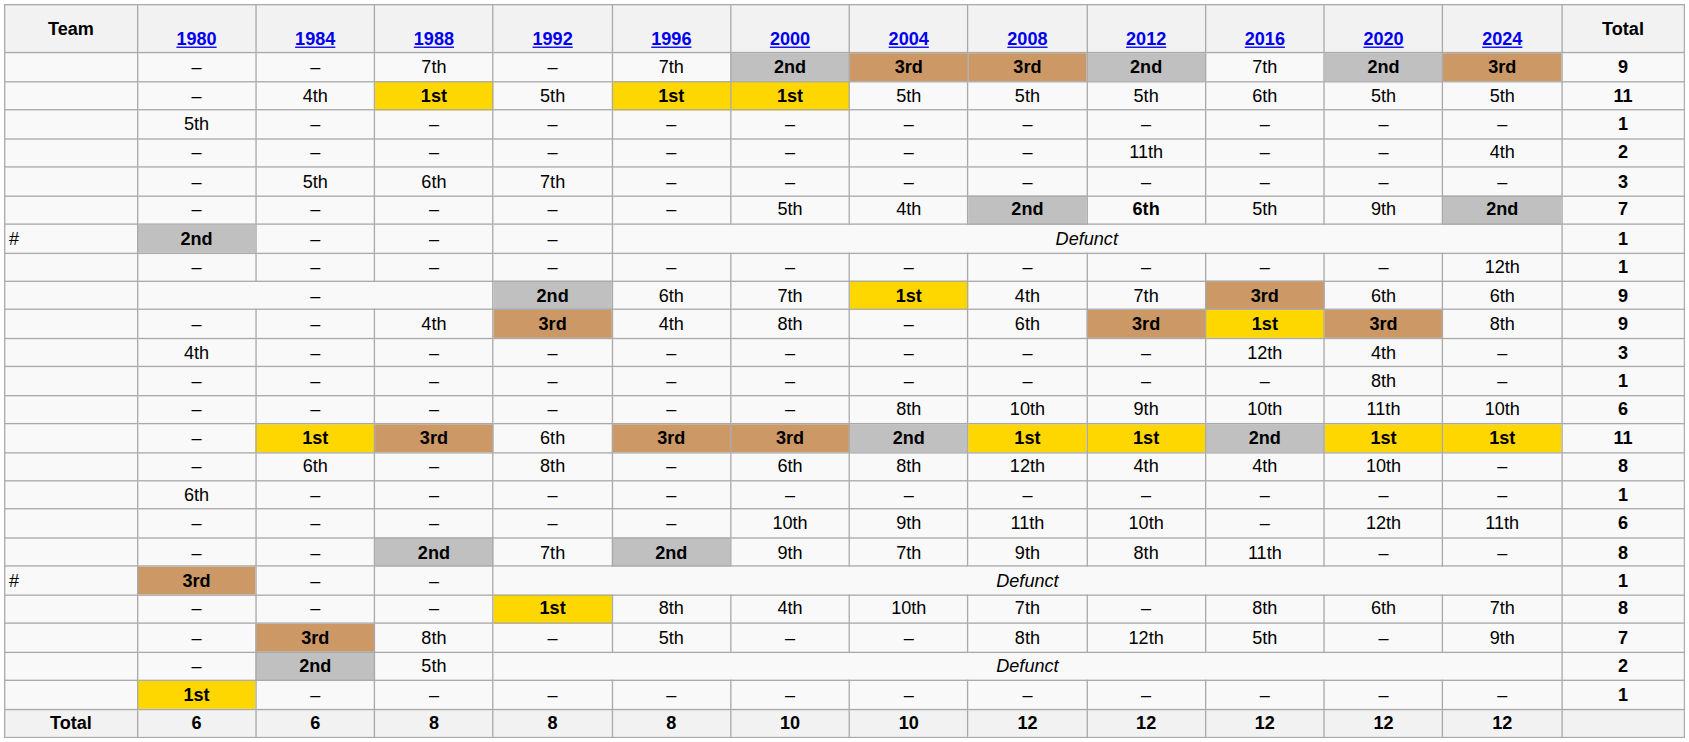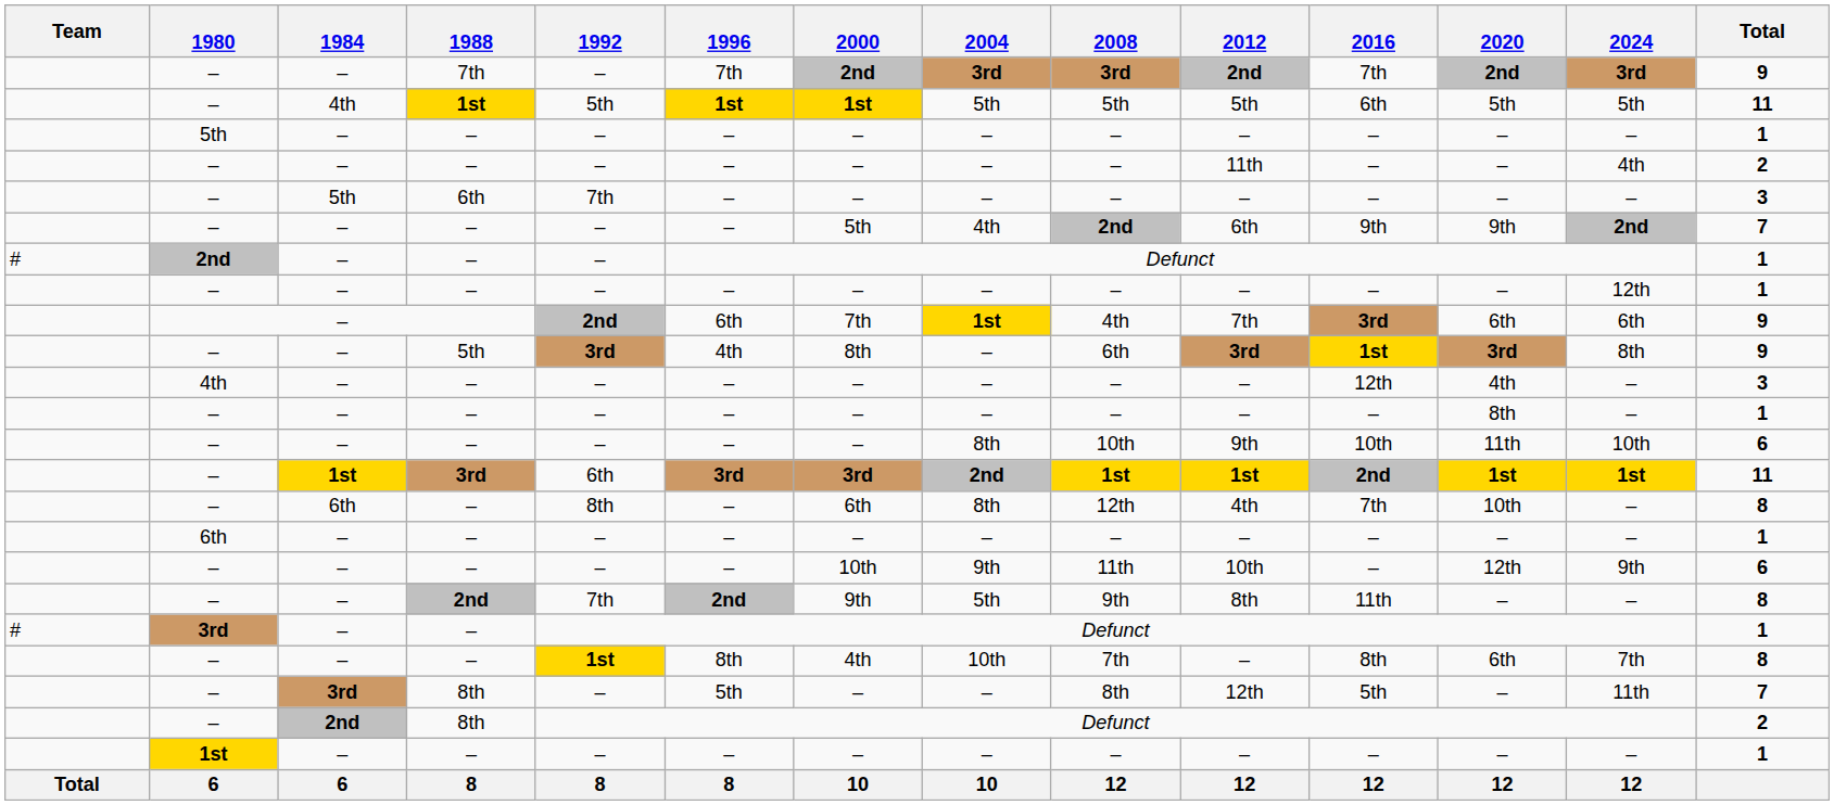 <table class="wikitable" style="text-align:center;width:100%; font-size:85%;">
 <tr>
 <th>Team</th>
 <th><br><a href='#'>1980</a></th>
 <th><br><a href='#'>1984</a></th>
 <th><br><a href='#'>1988</a></th>
 <th><br><a href='#'>1992</a></th>
 <th><br><a href='#'>1996</a></th>
 <th><br><a href='#'>2000</a></th>
 <th><br><a href='#'>2004</a></th>
 <th><br><a href='#'>2008</a></th>
 <th><br><a href='#'>2012</a></th>
 <th><br><a href='#'>2016</a></th>
 <th><br><a href='#'>2020</a></th>
 <th><br><a href='#'>2024</a></th>
 <th>Total</th>
 </tr>
 <tr>
 <td align=left></td>
 <td>–</td>
 <td>–</td>
 <td>7th</td>
 <td>–</td>
 <td>7th</td>
 <td bgcolor=silver><strong>2nd</strong></td>
 <td bgcolor=#cc9966><strong>3rd</strong></td>
 <td bgcolor=#cc9966><strong>3rd</strong></td>
 <td bgcolor=silver><strong>2nd</strong></td>
 <td>7th</td>
 <td bgcolor=silver><strong>2nd</strong></td>
 <td bgcolor=#cc9966><strong>3rd</strong></td>
 <td><strong>9</strong></td>
 </tr>
 <tr>
 <td align=left></td>
 <td>–</td>
 <td>4th</td>
 <td bgcolor=gold><strong>1st</strong></td>
 <td>5th</td>
 <td bgcolor=gold><strong>1st</strong></td>
 <td bgcolor=gold><strong>1st</strong></td>
 <td>5th</td>
 <td>5th</td>
 <td>5th</td>
 <td>6th</td>
 <td>5th</td>
 <td>5th</td>
 <td><strong>11</strong></td>
 </tr>
 <tr>
 <td align=left></td>
 <td>5th</td>
 <td>–</td>
 <td>–</td>
 <td>–</td>
 <td>–</td>
 <td>–</td>
 <td>–</td>
 <td>–</td>
 <td>–</td>
 <td>–</td>
 <td>–</td>
 <td>–</td>
 <td><strong>1</strong></td>
 </tr>
 <tr>
 <td align=left></td>
 <td>–</td>
 <td>–</td>
 <td>–</td>
 <td>–</td>
 <td>–</td>
 <td>–</td>
 <td>–</td>
 <td>–</td>
 <td>11th</td>
 <td>–</td>
 <td>–</td>
 <td>4th</td>
 <td><strong>2</strong></td>
 </tr>
 <tr>
 <td align=left></td>
 <td>–</td>
 <td>5th</td>
 <td>6th</td>
 <td>7th</td>
 <td>–</td>
 <td>–</td>
 <td>–</td>
 <td>–</td>
 <td>–</td>
 <td>–</td>
 <td>–</td>
 <td>–</td>
 <td><strong>3</strong></td>
 </tr>
 <tr>
 <td align=left></td>
 <td>–</td>
 <td>–</td>
 <td>–</td>
 <td>–</td>
 <td>–</td>
 <td>5th</td>
 <td>4th</td>
 <td bgcolor=silver><strong>2nd</strong></td>
-<td><strong>6th</strong></td>
-<td>5th</td>
+<td>6th</td>
+<td>9th</td>
 <td>9th</td>
 <td bgcolor=silver><strong>2nd</strong></td>
 <td><strong>7</strong></td>
 </tr>
 <tr>
 <td align=left>#</td>
 <td bgcolor=silver><strong>2nd</strong></td>
 <td>–</td>
 <td>–</td>
 <td>–</td>
 <td colspan="8"><em>Defunct</em></td>
 <td><strong>1</strong></td>
 </tr>
 <tr>
 <td align=left></td>
 <td>–</td>
 <td>–</td>
 <td>–</td>
 <td>–</td>
 <td>–</td>
 <td>–</td>
 <td>–</td>
 <td>–</td>
 <td>–</td>
 <td>–</td>
 <td>–</td>
 <td>12th</td>
 <td><strong>1</strong></td>
 </tr>
 <tr>
 <td align=left></td>
 <td colspan="3">–</td>
 <td bgcolor=silver><strong>2nd</strong></td>
 <td>6th</td>
 <td>7th</td>
 <td bgcolor=gold><strong>1st</strong></td>
 <td>4th</td>
 <td>7th</td>
 <td bgcolor=#cc9966><strong>3rd</strong></td>
 <td>6th</td>
 <td>6th</td>
 <td><strong>9</strong></td>
 </tr>
 <tr>
 <td align=left></td>
 <td>–</td>
 <td>–</td>
-<td>4th</td>
+<td>5th</td>
 <td bgcolor=#cc9966><strong>3rd</strong></td>
 <td>4th</td>
 <td>8th</td>
 <td>–</td>
 <td>6th</td>
 <td bgcolor=#cc9966><strong>3rd</strong></td>
 <td bgcolor=gold><strong>1st</strong></td>
 <td bgcolor=#cc9966><strong>3rd</strong></td>
 <td>8th</td>
 <td><strong>9</strong></td>
 </tr>
 <tr>
 <td align=left></td>
 <td>4th</td>
 <td>–</td>
 <td>–</td>
 <td>–</td>
 <td>–</td>
 <td>–</td>
 <td>–</td>
 <td>–</td>
 <td>–</td>
 <td>12th</td>
 <td>4th</td>
 <td>–</td>
 <td><strong>3</strong></td>
 </tr>
 <tr>
 <td align=left></td>
 <td>–</td>
 <td>–</td>
 <td>–</td>
 <td>–</td>
 <td>–</td>
 <td>–</td>
 <td>–</td>
 <td>–</td>
 <td>–</td>
 <td>–</td>
 <td>8th</td>
 <td>–</td>
 <td><strong>1</strong></td>
 </tr>
 <tr>
 <td align=left></td>
 <td>–</td>
 <td>–</td>
 <td>–</td>
 <td>–</td>
 <td>–</td>
 <td>–</td>
 <td>8th</td>
 <td>10th</td>
 <td>9th</td>
 <td>10th</td>
 <td>11th</td>
 <td>10th</td>
 <td><strong>6</strong></td>
 </tr>
 <tr>
 <td align=left></td>
 <td>–</td>
 <td bgcolor=gold><strong>1st</strong></td>
 <td bgcolor=#cc9966><strong>3rd</strong></td>
 <td>6th</td>
 <td bgcolor=#cc9966><strong>3rd</strong></td>
 <td bgcolor=#cc9966><strong>3rd</strong></td>
 <td bgcolor=silver><strong>2nd</strong></td>
 <td bgcolor=gold><strong>1st</strong></td>
 <td bgcolor=gold><strong>1st</strong></td>
 <td bgcolor=silver><strong>2nd</strong></td>
 <td bgcolor=gold><strong>1st</strong></td>
 <td bgcolor=gold><strong>1st</strong></td>
 <td><strong>11</strong></td>
 </tr>
 <tr>
 <td align=left></td>
 <td>–</td>
 <td>6th</td>
 <td>–</td>
 <td>8th</td>
 <td>–</td>
 <td>6th</td>
 <td>8th</td>
 <td>12th</td>
 <td>4th</td>
-<td>4th</td>
+<td>7th</td>
 <td>10th</td>
 <td>–</td>
 <td><strong>8</strong></td>
 </tr>
 <tr>
 <td align=left></td>
 <td>6th</td>
 <td>–</td>
 <td>–</td>
 <td>–</td>
 <td>–</td>
 <td>–</td>
 <td>–</td>
 <td>–</td>
 <td>–</td>
 <td>–</td>
 <td>–</td>
 <td>–</td>
 <td><strong>1</strong></td>
 </tr>
 <tr>
 <td align=left></td>
 <td>–</td>
 <td>–</td>
 <td>–</td>
 <td>–</td>
 <td>–</td>
 <td>10th</td>
 <td>9th</td>
 <td>11th</td>
 <td>10th</td>
 <td>–</td>
 <td>12th</td>
-<td>11th</td>
+<td>9th</td>
 <td><strong>6</strong></td>
 </tr>
 <tr>
 <td align=left></td>
 <td>–</td>
 <td>–</td>
 <td bgcolor=silver><strong>2nd</strong></td>
 <td>7th</td>
 <td bgcolor=silver><strong>2nd</strong></td>
 <td>9th</td>
-<td>7th</td>
+<td>5th</td>
 <td>9th</td>
 <td>8th</td>
 <td>11th</td>
 <td>–</td>
 <td>–</td>
 <td><strong>8</strong></td>
 </tr>
 <tr>
 <td align=left>#</td>
 <td bgcolor=#cc9966><strong>3rd</strong></td>
 <td>–</td>
 <td>–</td>
 <td colspan="9"><em>Defunct</em></td>
 <td><strong>1</strong></td>
 </tr>
 <tr>
 <td align=left></td>
 <td>–</td>
 <td>–</td>
 <td>–</td>
 <td bgcolor=gold><strong>1st</strong></td>
 <td>8th</td>
 <td>4th</td>
 <td>10th</td>
 <td>7th</td>
 <td>–</td>
 <td>8th</td>
 <td>6th</td>
 <td>7th</td>
 <td><strong>8</strong></td>
 </tr>
 <tr>
 <td align=left></td>
 <td>–</td>
 <td bgcolor=#cc9966><strong>3rd</strong></td>
 <td>8th</td>
 <td>–</td>
 <td>5th</td>
 <td>–</td>
 <td>–</td>
 <td>8th</td>
 <td>12th</td>
 <td>5th</td>
 <td>–</td>
-<td>9th</td>
+<td>11th</td>
 <td><strong>7</strong></td>
 </tr>
 <tr>
 <td align=left></td>
 <td>–</td>
 <td bgcolor=silver><strong>2nd</strong></td>
-<td>5th</td>
+<td>8th</td>
 <td colspan="9"><em>Defunct</em></td>
 <td><strong>2</strong></td>
 </tr>
 <tr>
 <td align=left></td>
 <td bgcolor=gold><strong>1st</strong></td>
 <td>–</td>
 <td>–</td>
 <td>–</td>
 <td>–</td>
 <td>–</td>
 <td>–</td>
 <td>–</td>
 <td>–</td>
 <td>–</td>
 <td>–</td>
 <td>–</td>
 <td><strong>1</strong></td>
 </tr>
 <tr>
 <th>Total</th>
 <th>6</th>
 <th>6</th>
 <th>8</th>
 <th>8</th>
 <th>8</th>
 <th>10</th>
 <th>10</th>
 <th>12</th>
 <th>12</th>
 <th>12</th>
 <th>12</th>
 <th>12</th>
 <th></th>
 </tr>
 </table>
